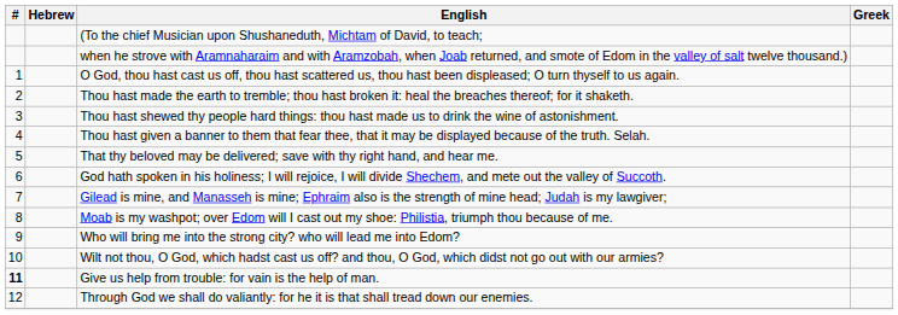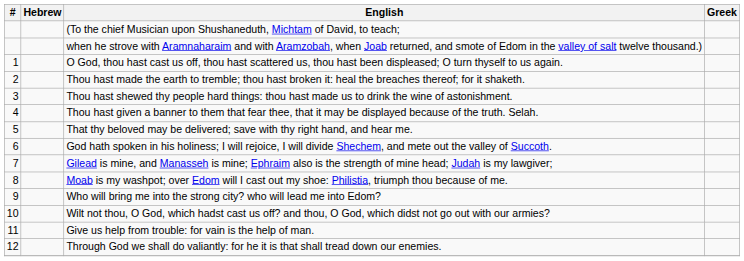 <table class=wikitable>
 <tr>
 <th>#</th>
 <th>Hebrew</th>
 <th>English</th>
 <th>Greek</th>
 </tr>
 <tr>
 <td style="text-align:right"></td>
 <td style="text-align:right"></td>
 <td>(To the chief Musician upon Shushaneduth, <a href='#'>Michtam</a> of David, to teach;</td>
 <td></td>
 </tr>
 <tr>
 <td style="text-align:right"></td>
 <td style="text-align:right"></td>
 <td>when he strove with <a href='#'>Aramnaharaim</a> and with <a href='#'>Aramzobah</a>, when <a href='#'>Joab</a> returned, and smote of Edom in the <a href='#'>valley of salt</a> twelve thousand.)</td>
 <td></td>
 </tr>
 <tr>
 <td style="text-align:right">1</td>
 <td style="text-align:right"></td>
 <td>O God, thou hast cast us off, thou hast scattered us, thou hast been displeased; O turn thyself to us again.</td>
 <td></td>
 </tr>
 <tr>
 <td style="text-align:right">2</td>
 <td style="text-align:right"></td>
 <td>Thou hast made the earth to tremble; thou hast broken it: heal the breaches thereof; for it shaketh.</td>
 <td></td>
 </tr>
 <tr>
 <td style="text-align:right">3</td>
 <td style="text-align:right"></td>
 <td>Thou hast shewed thy people hard things: thou hast made us to drink the wine of astonishment.</td>
 <td></td>
 </tr>
 <tr>
 <td style="text-align:right">4</td>
 <td style="text-align:right"></td>
 <td>Thou hast given a banner to them that fear thee, that it may be displayed because of the truth. Selah.</td>
 <td></td>
 </tr>
 <tr>
 <td style="text-align:right">5</td>
 <td style="text-align:right"></td>
 <td>That thy beloved may be delivered; save with thy right hand, and hear me.</td>
 <td></td>
 </tr>
 <tr>
 <td style="text-align:right">6</td>
 <td style="text-align:right"></td>
 <td>God hath spoken in his holiness; I will rejoice, I will divide <a href='#'>Shechem</a>, and mete out the valley of <a href='#'>Succoth</a>.</td>
 <td></td>
 </tr>
 <tr>
 <td style="text-align:right">7</td>
 <td style="text-align:right"></td>
 <td><a href='#'>Gilead</a> is mine, and <a href='#'>Manasseh</a> is mine; <a href='#'>Ephraim</a> also is the strength of mine head; <a href='#'>Judah</a> is my lawgiver;</td>
 <td></td>
 </tr>
 <tr>
 <td style="text-align:right">8</td>
 <td style="text-align:right"></td>
 <td><a href='#'>Moab</a> is my washpot; over <a href='#'>Edom</a> will I cast out my shoe: <a href='#'>Philistia</a>, triumph thou because of me.</td>
 <td></td>
 </tr>
 <tr>
 <td style="text-align:right">9</td>
 <td style="text-align:right"></td>
 <td>Who will bring me into the strong city? who will lead me into Edom?</td>
 <td></td>
 </tr>
 <tr>
 <td style="text-align:right">10</td>
 <td style="text-align:right"></td>
 <td>Wilt not thou, O God, which hadst cast us off? and thou, O God, which didst not go out with our armies?</td>
 <td></td>
 </tr>
 <tr>
-<td style="text-align:right"><strong>11</strong></td>
+<td style="text-align:right">11</td>
 <td style="text-align:right"></td>
 <td>Give us help from trouble: for vain is the help of man.</td>
 <td></td>
 </tr>
 <tr>
 <td style="text-align:right">12</td>
 <td style="text-align:right"></td>
 <td>Through God we shall do valiantly: for he it is that shall tread down our enemies.</td>
 <td></td>
 </tr>
 <tr>
 </tr>
 </table>
